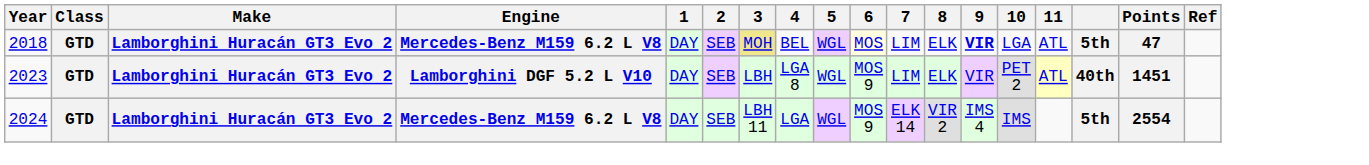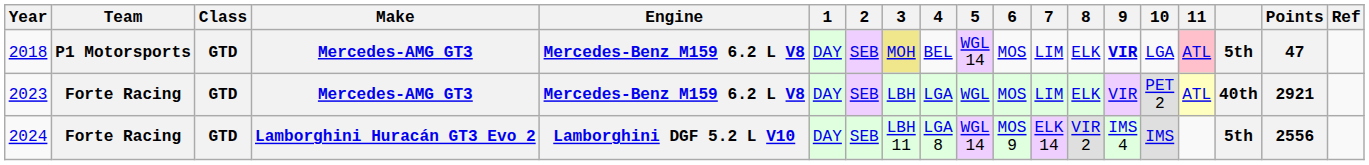 <table class="wikitable" style="text-align:center; font-size:85%">
 <tr>
 <th>Year</th>
+<th>Team</th>
 <th>Class</th>
 <th>Make</th>
 <th>Engine</th>
 <th>1</th>
 <th>2</th>
 <th>3</th>
 <th>4</th>
 <th>5</th>
 <th>6</th>
 <th>7</th>
 <th>8</th>
 <th>9</th>
 <th>10</th>
 <th>11</th>
 <th></th>
 <th>Points</th>
 <th>Ref</th>
 </tr>
 <tr>
 <td><a href='#'>2018</a></td>
+<th nowrap>P1 Motorsports</th>
 <th>GTD</th>
-<th nowrap><a href='#'>Lamborghini Huracán GT3 Evo 2</a></th>
+<th nowrap><a href='#'>Mercedes-AMG GT3</a></th>
 <th nowrap><a href='#'>Mercedes-Benz M159</a> 6.2 L <a href='#'>V8</a></th>
 <td style="background:#dfffdf;"><a href='#'>DAY</a><br></td>
 <td style="background:#efcfff;"><a href='#'>SEB</a><br></td>
 <td style="background: khaki;"><a href='#'>MOH</a></td>
 <td><a href='#'>BEL</a></td>
-<td style="background:#efcfff;"><a href='#'>WGL</a><br></td>
-<td style="background: lightyellow;"><a href='#'>MOS</a></td>
+<td style="background:#EFCFFF;"><a href='#'>WGL</a><br>14</td>
+<td><a href='#'>MOS</a></td>
 <td><a href='#'>LIM</a></td>
 <td><a href='#'>ELK</a></td>
 <td><strong><a href='#'>VIR</a></strong></td>
 <td><a href='#'>LGA</a></td>
-<td><a href='#'>ATL</a></td>
+<td style="background: pink;"><a href='#'>ATL</a></td>
 <th>5th</th>
 <th align="center">47</th>
 <td></td>
 </tr>
 <tr>
 <td><a href='#'>2023</a></td>
+<th nowrap>Forte Racing</th>
 <th nowrap>GTD</th>
-<th nowrap><a href='#'>Lamborghini Huracán GT3 Evo 2</a></th>
-<th nowrap><a href='#'>Lamborghini</a> DGF 5.2 L <a href='#'>V10</a></th>
+<th nowrap><a href='#'>Mercedes-AMG GT3</a></th>
+<th nowrap><a href='#'>Mercedes-Benz M159</a> 6.2 L <a href='#'>V8</a></th>
 <td style="background:#dfffdf;"><a href='#'>DAY</a><br></td>
 <td style="background:#efcfff;"><a href='#'>SEB</a><br></td>
 <td style="background:#dfffdf;"><a href='#'>LBH</a><br></td>
-<td style="background:#DFFFDF;"><a href='#'>LGA</a><br>8</td>
+<td style="background:#dfffdf;"><a href='#'>LGA</a><br></td>
 <td style="background:#dfffdf;"><a href='#'>WGL</a><br></td>
-<td style="background:#DFFFDF;"><a href='#'>MOS</a><br>9</td>
+<td style="background:#dfffdf;"><a href='#'>MOS</a><br></td>
 <td style="background:#dfffdf;"><a href='#'>LIM</a><br></td>
 <td style="background:#dfffdf;"><a href='#'>ELK</a><br></td>
 <td style="background:#efcfff;"><a href='#'>VIR</a><br></td>
 <td style="background:#DFDFDF;”"><a href='#'>PET</a><br>2</td>
 <td style="background:#ffffbf;"><a href='#'>ATL</a><br></td>
 <th align="center">40th</th>
-<th>1451</th>
+<th>2921</th>
 <td></td>
 </tr>
 <tr>
 <td><a href='#'>2024</a></td>
+<th nowrap>Forte Racing</th>
 <th>GTD</th>
 <th nowrap><a href='#'>Lamborghini Huracán GT3 Evo 2</a></th>
-<th nowrap><a href='#'>Mercedes-Benz M159</a> 6.2 L <a href='#'>V8</a></th>
+<th nowrap><a href='#'>Lamborghini</a> DGF 5.2 L <a href='#'>V10</a></th>
 <td style="background:#dfffdf;"><a href='#'>DAY</a><br></td>
 <td style="background:#dfffdf;"><a href='#'>SEB</a><br></td>
 <td style="background:#DFFFDF;"><a href='#'>LBH</a><br>11</td>
-<td style="background:#dfffdf;"><a href='#'>LGA</a><br></td>
-<td style="background:#efcfff;"><a href='#'>WGL</a><br></td>
+<td style="background:#DFFFDF;"><a href='#'>LGA</a><br>8</td>
+<td style="background:#EFCFFF;"><a href='#'>WGL</a><br>14</td>
 <td style="background:#DFFFDF;"><a href='#'>MOS</a><br>9</td>
 <td style="background:#EFCFFF;"><a href='#'>ELK</a><br>14</td>
 <td style="background:#DFDFDF;”"><a href='#'>VIR</a><br>2</td>
 <td style="background:#DFFFDF;"><a href='#'>IMS</a><br>4</td>
 <td style="background:#DFDFDF;"><a href='#'>IMS</a><br></td>
 <td></td>
 <th>5th</th>
-<th>2554</th>
+<th>2556</th>
 <td></td>
 </tr>
 </table>
